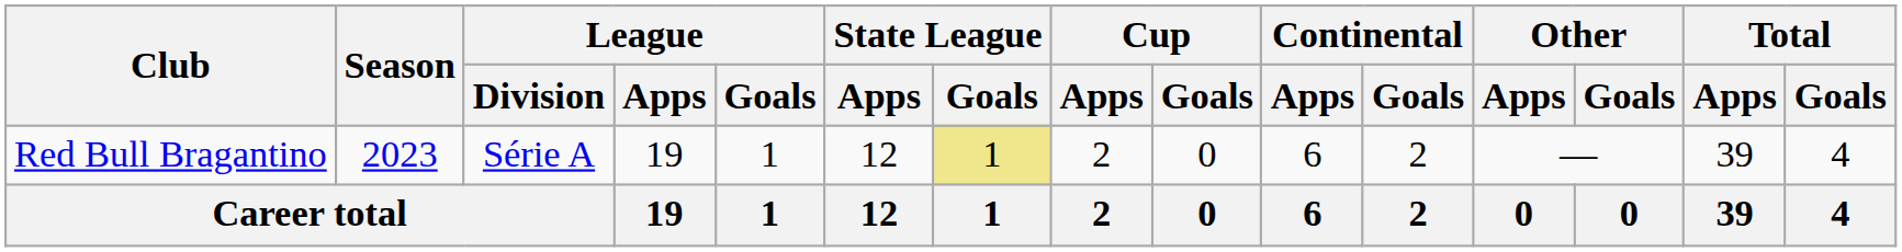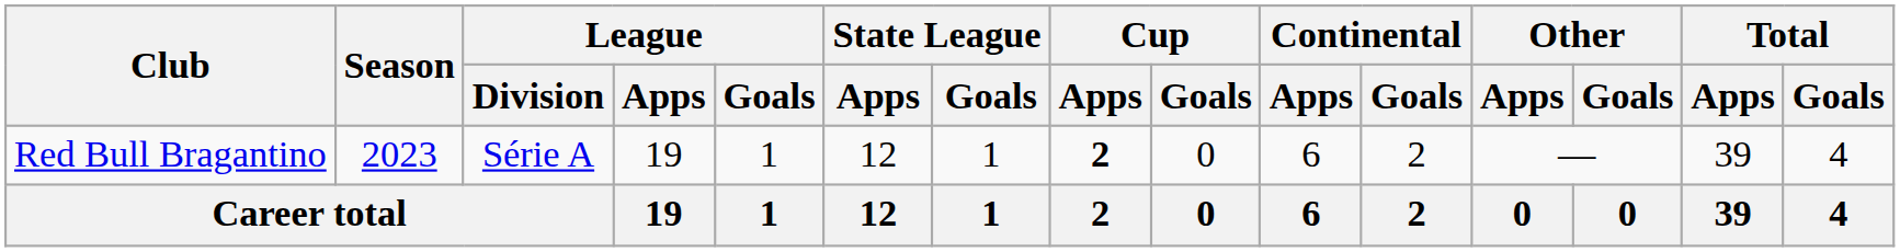 <table class="wikitable" style="text-align: center">
 <tr>
 <th rowspan="2">Club</th>
 <th rowspan="2">Season</th>
 <th colspan="3">League</th>
 <th colspan="2">State League</th>
 <th colspan="2">Cup</th>
 <th colspan="2">Continental</th>
 <th colspan="2">Other</th>
 <th colspan="2">Total</th>
 </tr>
 <tr>
 <th>Division</th>
 <th>Apps</th>
 <th>Goals</th>
 <th>Apps</th>
 <th>Goals</th>
 <th>Apps</th>
 <th>Goals</th>
 <th>Apps</th>
 <th>Goals</th>
 <th>Apps</th>
 <th>Goals</th>
 <th>Apps</th>
 <th>Goals</th>
 </tr>
 <tr>
 <td><a href='#'>Red Bull Bragantino</a></td>
 <td><a href='#'>2023</a></td>
 <td><a href='#'>Série A</a></td>
 <td>19</td>
 <td>1</td>
 <td>12</td>
-<td style="background: khaki;">1</td>
-<td>2</td>
+<td>1</td>
+<td><strong>2</strong></td>
 <td>0</td>
 <td>6</td>
 <td>2</td>
 <td colspan="2">—</td>
 <td>39</td>
 <td>4</td>
 </tr>
 <tr>
 <th colspan="3"><strong>Career total</strong></th>
 <th>19</th>
 <th>1</th>
 <th>12</th>
 <th>1</th>
 <th>2</th>
 <th>0</th>
 <th>6</th>
 <th>2</th>
 <th>0</th>
 <th>0</th>
 <th>39</th>
 <th>4</th>
 </tr>
 </table>
